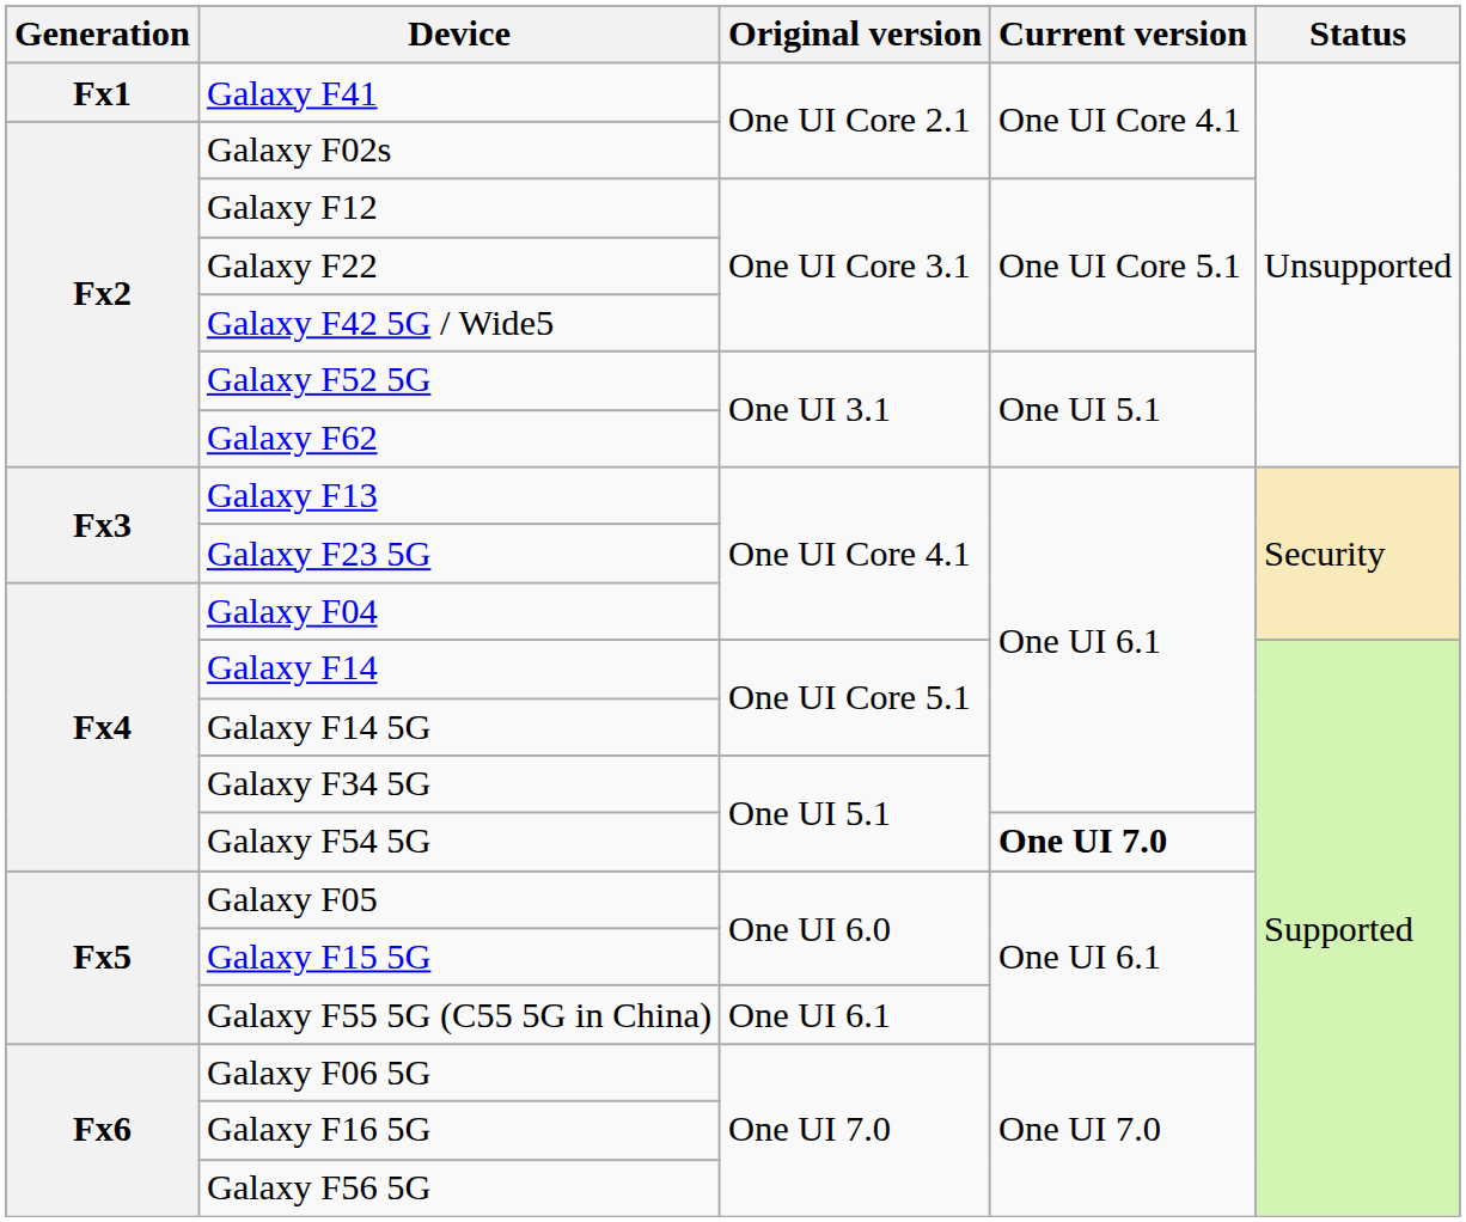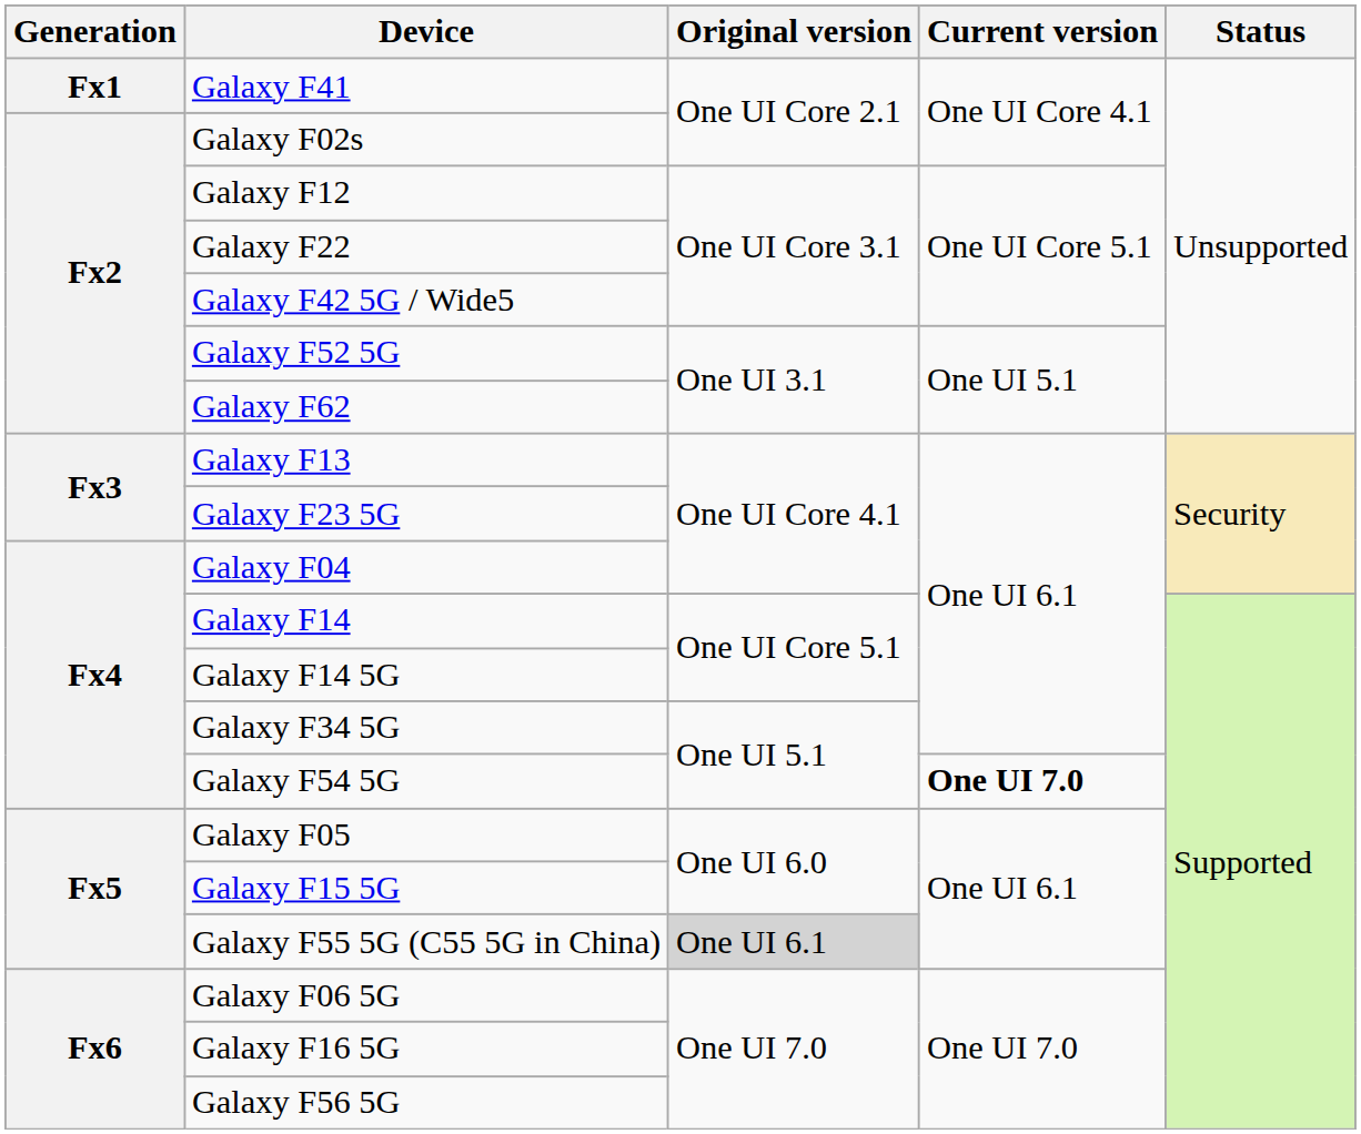 <table class="wikitable">
 <tr>
 <th>Generation</th>
 <th>Device</th>
 <th>Original version</th>
 <th>Current version</th>
 <th>Status</th>
 </tr>
 <tr>
 <th>Fx1</th>
 <td><a href='#'>Galaxy F41</a></td>
 <td rowspan="2">One UI Core 2.1</td>
 <td rowspan="2">One UI Core 4.1</td>
 <td rowspan="7">Unsupported</td>
 </tr>
 <tr>
 <th rowspan="6">Fx2</th>
 <td>Galaxy F02s</td>
 </tr>
 <tr>
 <td>Galaxy F12</td>
 <td rowspan="3">One UI Core 3.1</td>
 <td rowspan="3">One UI Core 5.1</td>
 </tr>
 <tr>
 <td>Galaxy F22</td>
 </tr>
 <tr>
 <td><a href='#'>Galaxy F42 5G</a> / Wide5</td>
 </tr>
 <tr>
 <td><a href='#'>Galaxy F52 5G</a></td>
 <td rowspan="2">One UI 3.1</td>
 <td rowspan="2">One UI 5.1</td>
 </tr>
 <tr>
 <td><a href='#'>Galaxy F62</a></td>
 </tr>
 <tr>
 <th rowspan="2">Fx3</th>
 <td><a href='#'>Galaxy F13</a></td>
 <td rowspan="3">One UI Core 4.1</td>
 <td rowspan="6">One UI 6.1</td>
 <td rowspan="3" style="background: #f8eaba">Security</td>
 </tr>
 <tr>
 <td><a href='#'>Galaxy F23 5G</a></td>
 </tr>
 <tr>
 <th rowspan="5">Fx4</th>
 <td><a href='#'>Galaxy F04</a></td>
 </tr>
 <tr>
 <td><a href='#'>Galaxy F14</a></td>
 <td rowspan="2">One UI Core 5.1</td>
 <td rowspan="10" style="background: #d4f4b4">Supported</td>
 </tr>
 <tr>
 <td>Galaxy F14 5G</td>
 </tr>
 <tr>
 <td>Galaxy F34 5G</td>
 <td rowspan="2">One UI 5.1</td>
 </tr>
 <tr>
 <td>Galaxy F54 5G</td>
 <td rowspan="1"><strong>One UI 7.0</strong></td>
 </tr>
 <tr>
 <th rowspan="3">Fx5</th>
 <td>Galaxy F05</td>
 <td rowspan="2">One UI 6.0</td>
 <td rowspan="3">One UI 6.1</td>
 </tr>
 <tr>
 <td><a href='#'>Galaxy F15 5G</a></td>
 </tr>
 <tr>
 <td>Galaxy F55 5G (C55 5G in China)</td>
-<td>One UI 6.1</td>
+<td style="background: lightgrey;">One UI 6.1</td>
 </tr>
 <tr>
 <th rowspan="3">Fx6</th>
 <td>Galaxy F06 5G</td>
 <td rowspan="3">One UI 7.0</td>
 <td rowspan="3">One UI 7.0</td>
 </tr>
 <tr>
 <td>Galaxy F16 5G</td>
 </tr>
 <tr>
 <td>Galaxy F56 5G</td>
 </tr>
 </table>
